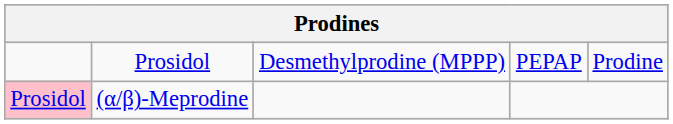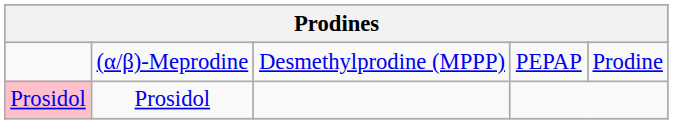 <table class="wikitable" style="font-size:smaller; text-align:center">
 <tr>
 <th colspan="5">Prodines</th>
 </tr>
 <tr>
 <td></td>
-<td> <a href='#'>Prosidol</a></td>
+<td> <a href='#'>(α/β)-Meprodine</a></td>
 <td> <a href='#'>Desmethylprodine (MPPP)</a></td>
 <td> <a href='#'>PEPAP</a></td>
 <td> <a href='#'>Prodine</a></td>
 </tr>
 <tr>
 <td style="background: pink;"> <a href='#'>Prosidol</a></td>
-<td> <a href='#'>(α/β)-Meprodine</a></td>
+<td> <a href='#'>Prosidol</a></td>
 <td></td>
 </tr>
 </table>
